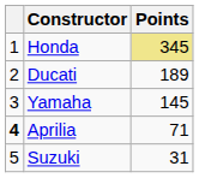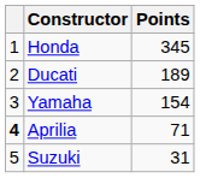 <table class="wikitable" style="font-size: 95%;">
 <tr>
 <th></th>
 <th>Constructor</th>
 <th>Points</th>
 </tr>
 <tr>
 <td align=center>1</td>
 <td> <a href='#'>Honda</a></td>
-<td align=right style="background: khaki;">345</td>
+<td align=right>345</td>
 </tr>
 <tr>
 <td align=center>2</td>
 <td> <a href='#'>Ducati</a></td>
 <td align=right>189</td>
 </tr>
 <tr>
 <td align=center>3</td>
 <td> <a href='#'>Yamaha</a></td>
-<td align=right>145</td>
+<td align=right>154</td>
 </tr>
 <tr>
 <td align=center><strong>4</strong></td>
 <td> <a href='#'>Aprilia</a></td>
 <td align=right>71</td>
 </tr>
 <tr>
 <td align=center>5</td>
 <td> <a href='#'>Suzuki</a></td>
 <td align=right>31</td>
 </tr>
 </table>
